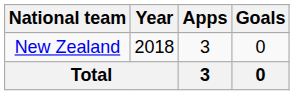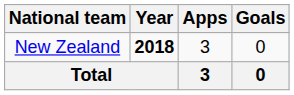 <table class="wikitable" style="text-align:center">
 <tr>
 <th>National team</th>
 <th>Year</th>
 <th>Apps</th>
 <th>Goals</th>
 </tr>
 <tr>
 <td rowspan="1"><a href='#'>New Zealand</a></td>
-<td>2018</td>
+<td><strong>2018</strong></td>
 <td>3</td>
 <td>0</td>
 </tr>
 <tr>
 <th colspan="2">Total</th>
 <th>3</th>
 <th>0</th>
 </tr>
 </table>
